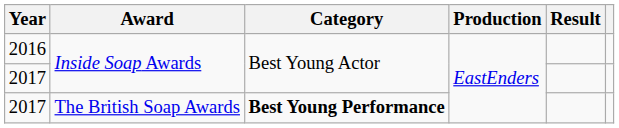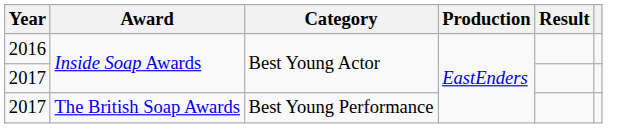 <table class="wikitable sortable">
 <tr>
 <th>Year</th>
 <th>Award</th>
 <th>Category</th>
 <th>Production</th>
 <th>Result</th>
 <th></th>
 </tr>
 <tr>
 <td>2016</td>
 <td rowspan=2><a href='#'><em>Inside Soap</em> Awards</a></td>
 <td rowspan=2>Best Young Actor</td>
 <td rowspan=3><em><a href='#'>EastEnders</a></em></td>
 <td></td>
 <td></td>
 </tr>
 <tr>
 <td>2017</td>
 <td></td>
 <td></td>
 </tr>
 <tr>
 <td>2017</td>
 <td><a href='#'>The British Soap Awards</a></td>
-<td><strong>Best Young Performance</strong></td>
+<td>Best Young Performance</td>
 <td></td>
 <td></td>
 </tr>
 </table>
